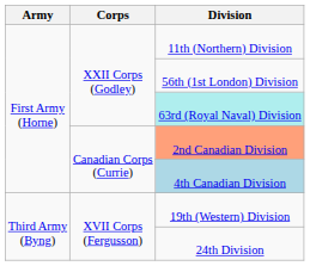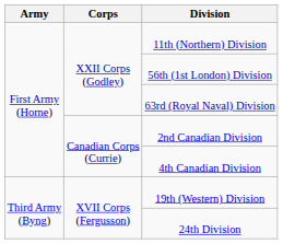 <table class="wikitable mw-collapsible" style="text-align: center">
 <tr>
 <th>Army</th>
 <th>Corps</th>
 <th>Division</th>
 </tr>
 <tr>
 <td rowspan="5"><br><a href='#'>First Army</a><br>(<a href='#'>Horne</a>)</td>
 <td rowspan = "3"><br><a href='#'>XXII Corps</a><br>(<a href='#'>Godley</a>)</td>
 <td><br><a href='#'>11th (Northern) Division</a></td>
 </tr>
 <tr>
 <td><br><a href='#'>56th (1st London) Division</a></td>
 </tr>
 <tr>
-<td style="background: paleturquoise;"><br><a href='#'>63rd (Royal Naval) Division</a></td>
+<td><br><a href='#'>63rd (Royal Naval) Division</a></td>
 </tr>
 <tr>
 <td rowspan="2"><br><a href='#'>Canadian Corps</a><br>(<a href='#'>Currie</a>)</td>
-<td style="background: lightsalmon;"><br><a href='#'>2nd Canadian Division</a></td>
+<td><br><a href='#'>2nd Canadian Division</a></td>
 </tr>
 <tr>
-<td style="background: lightblue;"><br><a href='#'>4th Canadian Division</a></td>
+<td><br><a href='#'>4th Canadian Division</a></td>
 </tr>
 <tr>
 <td rowspan ="2"><br><a href='#'>Third Army</a><br>(<a href='#'>Byng</a>)</td>
 <td rowspan ="2"><br><a href='#'>XVII Corps</a><br>(<a href='#'>Fergusson</a>)</td>
 <td><br><a href='#'>19th (Western) Division</a></td>
 </tr>
 <tr>
 <td><br><a href='#'>24th Division</a></td>
 </tr>
 </table>
